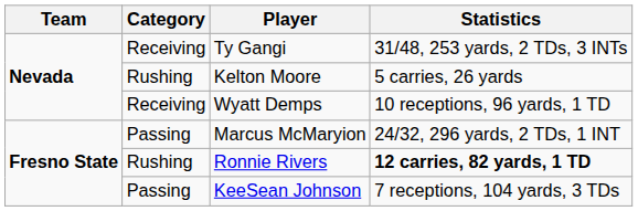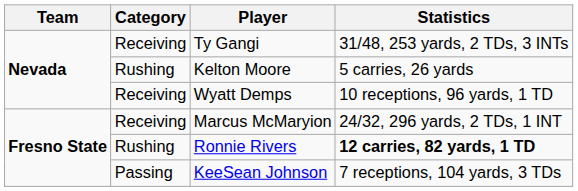 <table class="wikitable" style="float: left;">
 <tr>
 <th>Team</th>
 <th>Category</th>
 <th>Player</th>
 <th>Statistics</th>
 </tr>
 <tr>
 <td rowspan=3><strong>Nevada</strong></td>
 <td>Receiving</td>
 <td>Ty Gangi</td>
 <td>31/48, 253 yards, 2 TDs, 3 INTs</td>
 </tr>
 <tr>
 <td>Rushing</td>
 <td>Kelton Moore</td>
 <td>5 carries, 26 yards</td>
 </tr>
 <tr>
 <td>Receiving</td>
 <td>Wyatt Demps</td>
 <td>10 receptions, 96 yards, 1 TD</td>
 </tr>
 <tr>
 <td rowspan=3><strong>Fresno State</strong></td>
-<td>Passing</td>
+<td>Receiving</td>
 <td>Marcus McMaryion</td>
 <td>24/32, 296 yards, 2 TDs, 1 INT</td>
 </tr>
 <tr>
 <td>Rushing</td>
 <td><a href='#'>Ronnie Rivers</a></td>
 <td><strong>12 carries, 82 yards, 1 TD</strong></td>
 </tr>
 <tr>
 <td>Passing</td>
 <td><a href='#'>KeeSean Johnson</a></td>
 <td>7 receptions, 104 yards, 3 TDs</td>
 </tr>
 </table>
